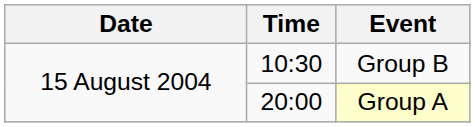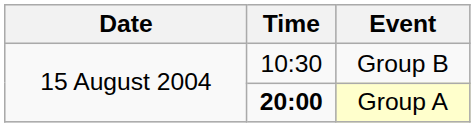 <table class = "wikitable" style="text-align:center;">
 <tr>
 <th width=150>Date</th>
 <th width=50>Time</th>
 <th width=80>Event</th>
 </tr>
 <tr>
 <td rowspan=2>15 August 2004</td>
 <td>10:30</td>
 <td>Group B</td>
 </tr>
 <tr>
-<td>20:00</td>
+<td><strong>20:00</strong></td>
 <td bgcolor=ffffcc>Group A</td>
 </tr>
 </table>
